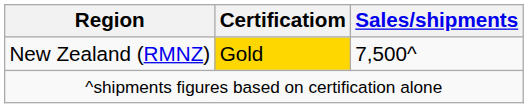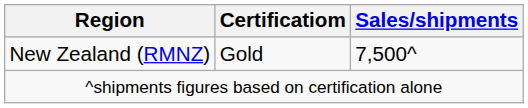 <table class="wikitable">
 <tr>
 <th>Region</th>
 <th>Certificatiom</th>
 <th><a href='#'>Sales/shipments</a></th>
 </tr>
 <tr>
 <td>New Zealand (<a href='#'>RMNZ</a>)</td>
-<td style="background: gold;">Gold</td>
+<td>Gold</td>
 <td>7,500^</td>
 </tr>
 <tr>
 <td colspan="3"  align="center"><small>^shipments figures based on certification alone</small></td>
 </tr>
 </table>
